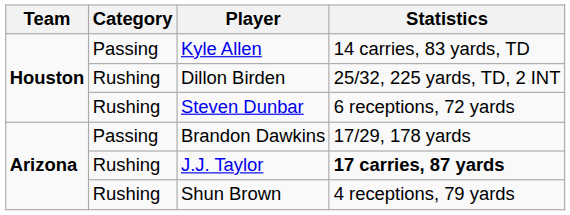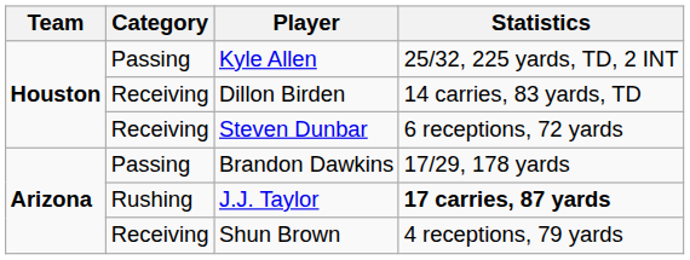 <table class="wikitable" style="float: right;">
 <tr>
 <th>Team</th>
 <th>Category</th>
 <th>Player</th>
 <th>Statistics</th>
 </tr>
 <tr>
 <td rowspan=3><strong>Houston</strong></td>
 <td>Passing</td>
 <td><a href='#'>Kyle Allen</a></td>
+<td>25/32, 225 yards, TD, 2 INT</td>
+</tr>
+<tr>
+<td>Receiving</td>
+<td>Dillon Birden</td>
 <td>14 carries, 83 yards, TD</td>
 </tr>
 <tr>
-<td>Rushing</td>
-<td>Dillon Birden</td>
-<td>25/32, 225 yards, TD, 2 INT</td>
-</tr>
-<tr>
-<td>Rushing</td>
+<td>Receiving</td>
 <td><a href='#'>Steven Dunbar</a></td>
 <td>6 receptions, 72 yards</td>
 </tr>
 <tr>
 <td rowspan=3><strong>Arizona</strong></td>
 <td>Passing</td>
 <td>Brandon Dawkins</td>
 <td>17/29, 178 yards</td>
 </tr>
 <tr>
 <td>Rushing</td>
 <td><a href='#'>J.J. Taylor</a></td>
 <td><strong>17 carries, 87 yards</strong></td>
 </tr>
 <tr>
-<td>Rushing</td>
+<td>Receiving</td>
 <td>Shun Brown</td>
 <td>4 receptions, 79 yards</td>
 </tr>
 </table>
